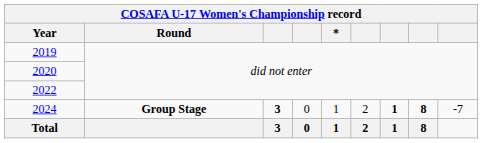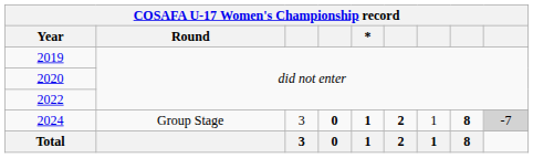 <table class="wikitable" style="text-align: center; width:50%;">
 <tr>
 <th colspan=10><a href='#'>COSAFA U-17 Women's Championship</a> record</th>
 </tr>
 <tr>
 <th>Year</th>
 <th>Round</th>
 <th></th>
 <th></th>
 <th>*</th>
 <th></th>
 <th></th>
 <th></th>
 <th></th>
 </tr>
 <tr>
 <td> <a href='#'>2019</a></td>
 <td rowspan=3 colspan=8><em>did not enter</em></td>
 </tr>
 <tr>
 <td> <a href='#'>2020</a></td>
 </tr>
 <tr>
 <td> <a href='#'>2022</a></td>
 </tr>
 <tr>
 <td> <a href='#'>2024</a></td>
-<td><strong>Group Stage</strong></td>
-<td><strong>3</strong></td>
-<td>0</td>
+<td>Group Stage</td>
+<td>3</td>
+<td><strong>0</strong></td>
+<td><strong>1</strong></td>
+<td><strong>2</strong></td>
 <td>1</td>
-<td>2</td>
-<td><strong>1</strong></td>
 <td><strong>8</strong></td>
-<td>-7</td>
+<td style="background: lightgrey;">-7</td>
 </tr>
 <tr>
 <th>Total</th>
 <th></th>
 <th>3</th>
 <th>0</th>
 <th>1</th>
 <th>2</th>
 <th>1</th>
 <th>8</th>
 </tr>
 </table>
